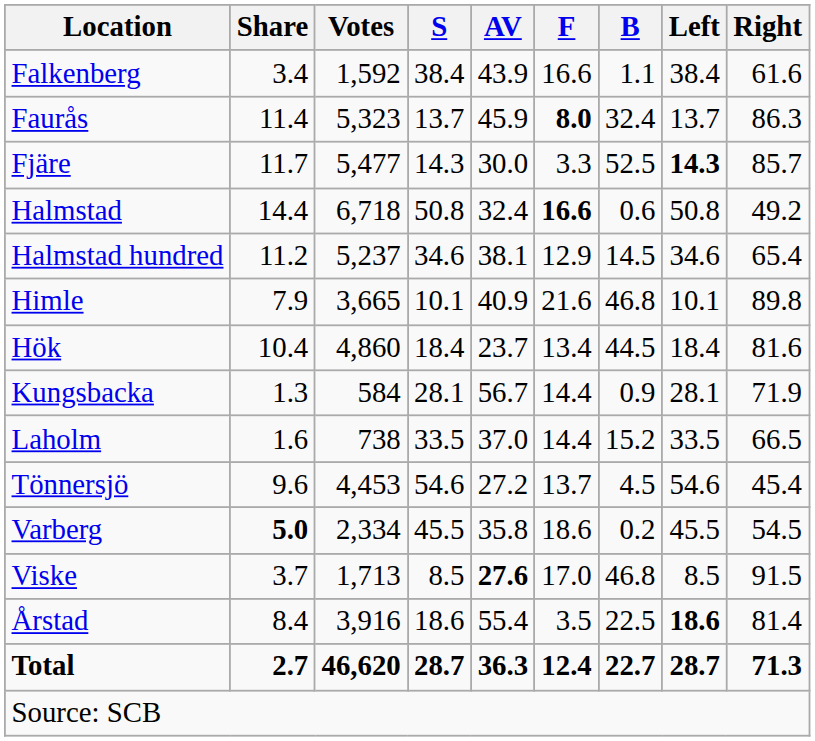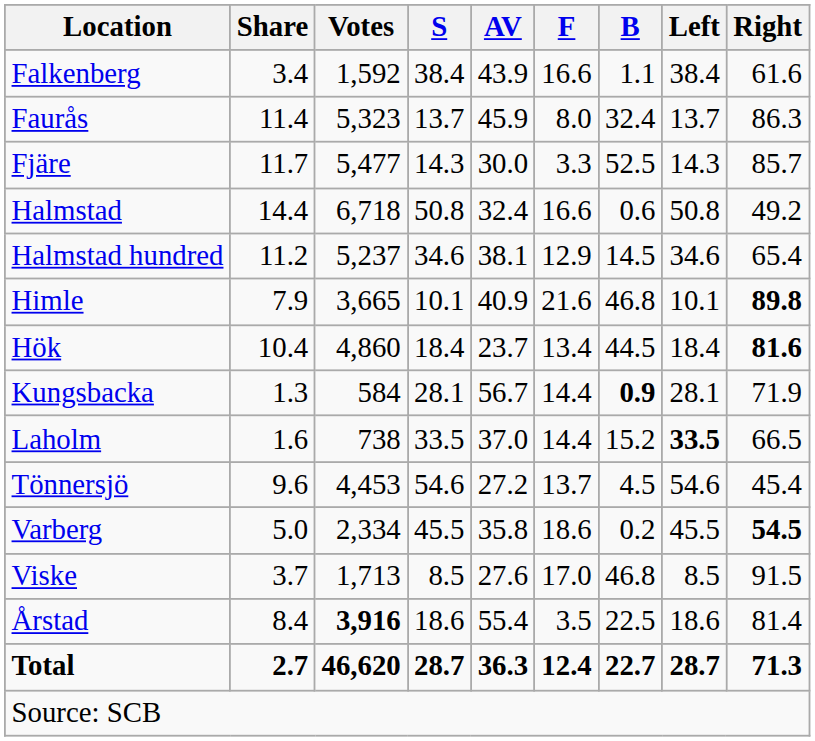 <table class="wikitable sortable" style=text-align:right>
 <tr>
 <th>Location</th>
 <th>Share</th>
 <th>Votes</th>
 <th><a href='#'>S</a></th>
 <th><a href='#'>AV</a></th>
 <th><a href='#'>F</a></th>
 <th><a href='#'>B</a></th>
 <th>Left</th>
 <th>Right</th>
 </tr>
 <tr>
 <td align=left><a href='#'>Falkenberg</a></td>
 <td>3.4</td>
 <td>1,592</td>
 <td>38.4</td>
 <td>43.9</td>
 <td>16.6</td>
 <td>1.1</td>
 <td>38.4</td>
 <td>61.6</td>
 </tr>
 <tr>
 <td align=left><a href='#'>Faurås</a></td>
 <td>11.4</td>
 <td>5,323</td>
 <td>13.7</td>
 <td>45.9</td>
-<td><strong>8.0</strong></td>
+<td>8.0</td>
 <td>32.4</td>
 <td>13.7</td>
 <td>86.3</td>
 </tr>
 <tr>
 <td align=left><a href='#'>Fjäre</a></td>
 <td>11.7</td>
 <td>5,477</td>
 <td>14.3</td>
 <td>30.0</td>
 <td>3.3</td>
 <td>52.5</td>
-<td><strong>14.3</strong></td>
+<td>14.3</td>
 <td>85.7</td>
 </tr>
 <tr>
 <td align=left><a href='#'>Halmstad</a></td>
 <td>14.4</td>
 <td>6,718</td>
 <td>50.8</td>
 <td>32.4</td>
-<td><strong>16.6</strong></td>
+<td>16.6</td>
 <td>0.6</td>
 <td>50.8</td>
 <td>49.2</td>
 </tr>
 <tr>
 <td align=left><a href='#'>Halmstad hundred</a></td>
 <td>11.2</td>
 <td>5,237</td>
 <td>34.6</td>
 <td>38.1</td>
 <td>12.9</td>
 <td>14.5</td>
 <td>34.6</td>
 <td>65.4</td>
 </tr>
 <tr>
 <td align=left><a href='#'>Himle</a></td>
 <td>7.9</td>
 <td>3,665</td>
 <td>10.1</td>
 <td>40.9</td>
 <td>21.6</td>
 <td>46.8</td>
 <td>10.1</td>
-<td>89.8</td>
+<td><strong>89.8</strong></td>
 </tr>
 <tr>
 <td align=left><a href='#'>Hök</a></td>
 <td>10.4</td>
 <td>4,860</td>
 <td>18.4</td>
 <td>23.7</td>
 <td>13.4</td>
 <td>44.5</td>
 <td>18.4</td>
-<td>81.6</td>
+<td><strong>81.6</strong></td>
 </tr>
 <tr>
 <td align=left><a href='#'>Kungsbacka</a></td>
 <td>1.3</td>
 <td>584</td>
 <td>28.1</td>
 <td>56.7</td>
 <td>14.4</td>
-<td>0.9</td>
+<td><strong>0.9</strong></td>
 <td>28.1</td>
 <td>71.9</td>
 </tr>
 <tr>
 <td align=left><a href='#'>Laholm</a></td>
 <td>1.6</td>
 <td>738</td>
 <td>33.5</td>
 <td>37.0</td>
 <td>14.4</td>
 <td>15.2</td>
-<td>33.5</td>
+<td><strong>33.5</strong></td>
 <td>66.5</td>
 </tr>
 <tr>
 <td align=left><a href='#'>Tönnersjö</a></td>
 <td>9.6</td>
 <td>4,453</td>
 <td>54.6</td>
 <td>27.2</td>
 <td>13.7</td>
 <td>4.5</td>
 <td>54.6</td>
 <td>45.4</td>
 </tr>
 <tr>
 <td align=left><a href='#'>Varberg</a></td>
-<td><strong>5.0</strong></td>
+<td>5.0</td>
 <td>2,334</td>
 <td>45.5</td>
 <td>35.8</td>
 <td>18.6</td>
 <td>0.2</td>
 <td>45.5</td>
-<td>54.5</td>
+<td><strong>54.5</strong></td>
 </tr>
 <tr>
 <td align=left><a href='#'>Viske</a></td>
 <td>3.7</td>
 <td>1,713</td>
 <td>8.5</td>
-<td><strong>27.6</strong></td>
+<td>27.6</td>
 <td>17.0</td>
 <td>46.8</td>
 <td>8.5</td>
 <td>91.5</td>
 </tr>
 <tr>
 <td align=left><a href='#'>Årstad</a></td>
 <td>8.4</td>
-<td>3,916</td>
+<td><strong>3,916</strong></td>
 <td>18.6</td>
 <td>55.4</td>
 <td>3.5</td>
 <td>22.5</td>
-<td><strong>18.6</strong></td>
+<td>18.6</td>
 <td>81.4</td>
 </tr>
 <tr>
 <td align=left><strong>Total</strong></td>
 <td><strong>2.7</strong></td>
 <td><strong>46,620</strong></td>
 <td><strong>28.7</strong></td>
 <td><strong>36.3</strong></td>
 <td><strong>12.4</strong></td>
 <td><strong>22.7</strong></td>
 <td><strong>28.7</strong></td>
 <td><strong>71.3</strong></td>
 </tr>
 <tr>
 <td align=left colspan=10>Source: SCB </td>
 </tr>
 </table>
